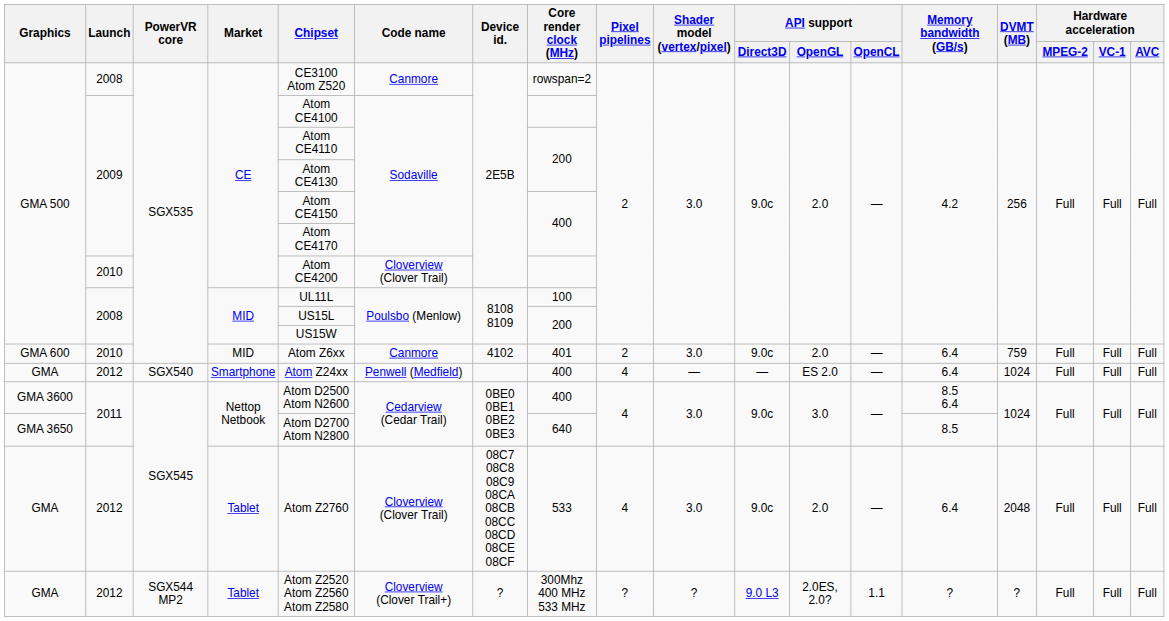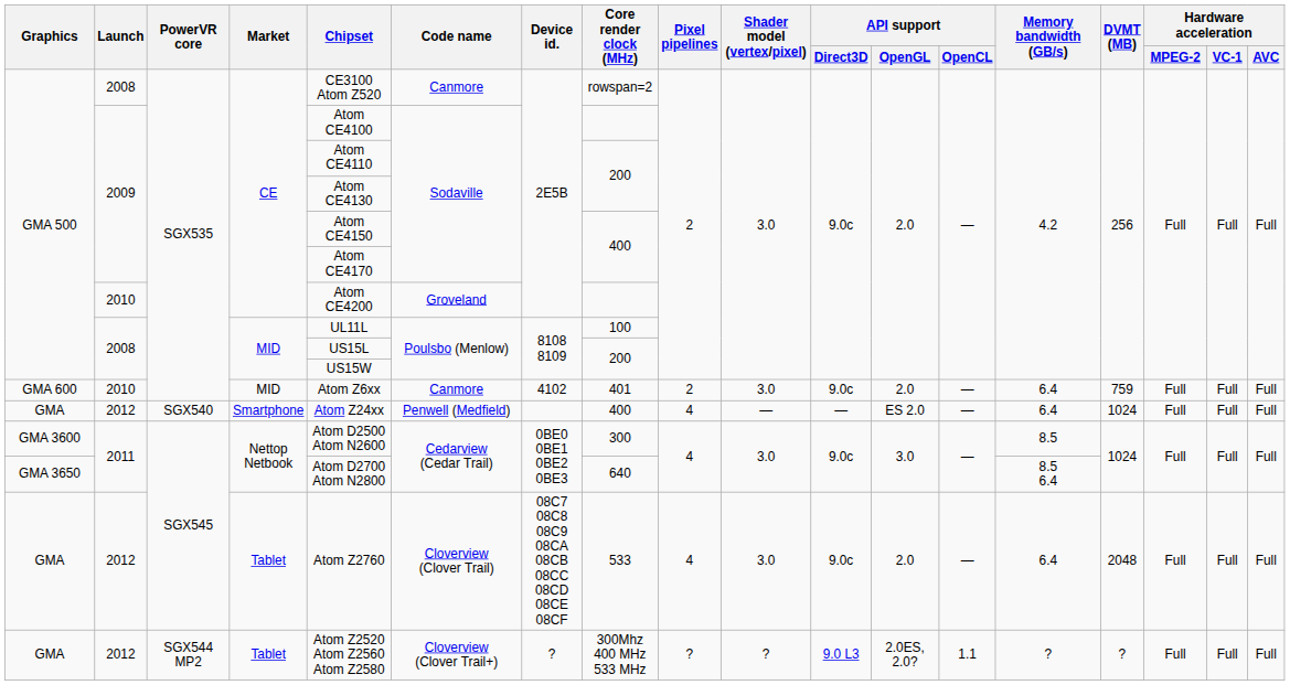 <table class="wikitable sortable mw-datatable sticky-header-multi sort-under" style="text-align:center;">
 <tr>
 <th rowspan=2 style="width:7%">Graphics</th>
 <th rowspan=2>Launch</th>
 <th rowspan=2>PowerVR core</th>
 <th rowspan=2>Market</th>
 <th rowspan=2><a href='#'>Chipset</a></th>
 <th rowspan=2>Code name</th>
 <th rowspan=2>Device id.</th>
 <th rowspan=2>Core render<br><a href='#'>clock</a> (<a href='#'>MHz</a>)</th>
 <th rowspan=2><a href='#'>Pixel <br>pipelines</a></th>
 <th rowspan=2><a href='#'>Shader</a> model<br>(<a href='#'>vertex</a>/<a href='#'>pixel</a>)</th>
 <th colspan=3><a href='#'>API</a> support</th>
 <th rowspan=2><a href='#'>Memory bandwidth</a> <br>(<a href='#'>GB/s</a>)</th>
 <th rowspan=2><a href='#'>DVMT</a> <br>(<a href='#'>MB</a>)</th>
 <th colspan=3 style="width:11%">Hardware acceleration</th>
 </tr>
 <tr>
 <th><a href='#'>Direct3D</a></th>
 <th><a href='#'>OpenGL</a></th>
 <th><a href='#'>OpenCL</a></th>
 <th><a href='#'>MPEG-2</a></th>
 <th><a href='#'>VC-1</a></th>
 <th><a href='#'>AVC</a></th>
 </tr>
 <tr>
 <td rowspan=10>GMA 500</td>
 <td>2008</td>
 <td rowspan=11>SGX535</td>
 <td rowspan=7><a href='#'>CE</a></td>
 <td>CE3100<br>Atom Z520</td>
 <td><a href='#'>Canmore</a></td>
 <td rowspan=7>2E5B</td>
 <td>rowspan=2 </td>
 <td rowspan=10>2</td>
 <td rowspan=10>3.0</td>
 <td rowspan=10>9.0c</td>
 <td rowspan=10>2.0</td>
 <td rowspan=10>—</td>
 <td rowspan=10>4.2</td>
 <td rowspan=10>256</td>
 <td rowspan=10>Full</td>
 <td rowspan=10>Full</td>
 <td rowspan=10>Full</td>
 </tr>
 <tr>
 <td rowspan=5>2009</td>
 <td>Atom CE4100</td>
 <td rowspan=5><a href='#'>Sodaville</a></td>
 </tr>
 <tr>
 <td>Atom CE4110</td>
 <td rowspan=2>200</td>
 </tr>
 <tr>
 <td>Atom CE4130</td>
 </tr>
 <tr>
 <td>Atom CE4150</td>
 <td rowspan=2>400</td>
 </tr>
 <tr>
 <td>Atom CE4170</td>
 </tr>
 <tr>
 <td>2010</td>
 <td>Atom CE4200</td>
-<td><a href='#'>Cloverview</a> (Clover Trail)</td>
+<td><a href='#'>Groveland</a></td>
 <td></td>
 </tr>
 <tr>
 <td rowspan=3>2008</td>
 <td rowspan=3><a href='#'>MID</a></td>
 <td>UL11L</td>
 <td rowspan=3><a href='#'>Poulsbo</a> (Menlow)</td>
 <td rowspan=3>8108<br>8109</td>
 <td>100</td>
 </tr>
 <tr>
 <td>US15L</td>
 <td rowspan=2>200</td>
 </tr>
 <tr>
 <td>US15W</td>
 </tr>
 <tr>
 <td>GMA 600</td>
 <td>2010</td>
 <td>MID</td>
 <td>Atom Z6xx</td>
 <td><a href='#'>Canmore</a></td>
 <td>4102</td>
 <td>401</td>
 <td>2</td>
 <td>3.0</td>
 <td>9.0c</td>
 <td>2.0</td>
 <td>—</td>
 <td>6.4</td>
 <td>759</td>
 <td>Full</td>
 <td>Full</td>
 <td>Full</td>
 </tr>
 <tr>
 <td>GMA</td>
 <td>2012</td>
 <td>SGX540</td>
 <td><a href='#'>Smartphone</a></td>
 <td><a href='#'>Atom</a> Z24xx</td>
 <td><a href='#'>Penwell</a> (<a href='#'>Medfield</a>)</td>
 <td></td>
 <td>400</td>
 <td>4</td>
 <td>—</td>
 <td>—</td>
 <td>ES 2.0</td>
 <td>—</td>
 <td>6.4</td>
 <td>1024</td>
 <td>Full</td>
 <td>Full</td>
 <td>Full</td>
 </tr>
 <tr>
 <td>GMA 3600</td>
 <td rowspan=2>2011</td>
 <td rowspan=3>SGX545</td>
 <td rowspan=2>Nettop<br>Netbook</td>
 <td>Atom D2500<br>Atom N2600</td>
 <td rowspan=2><a href='#'>Cedarview</a> (Cedar Trail)</td>
 <td rowspan=2>0BE0<br>0BE1<br>0BE2<br>0BE3<br></td>
-<td>400</td>
+<td>300</td>
 <td rowspan=2>4</td>
 <td rowspan=2>3.0</td>
 <td rowspan=2>9.0c</td>
 <td rowspan=2>3.0</td>
 <td rowspan=2>—</td>
-<td>8.5<br>6.4</td>
+<td>8.5</td>
 <td rowspan=2>1024</td>
 <td rowspan=2>Full</td>
 <td rowspan=2>Full</td>
 <td rowspan=2>Full</td>
 </tr>
 <tr>
 <td>GMA 3650</td>
 <td>Atom D2700<br>Atom N2800</td>
 <td>640</td>
-<td>8.5</td>
+<td>8.5<br>6.4</td>
 </tr>
 <tr>
 <td>GMA</td>
 <td>2012</td>
 <td><a href='#'>Tablet</a></td>
 <td>Atom Z2760</td>
 <td><a href='#'>Cloverview</a> (Clover Trail)</td>
 <td>08C7<br>08C8<br>08C9<br>08CA<br>08CB<br>08CC<br>08CD<br>08CE<br>08CF<br></td>
 <td>533</td>
 <td>4</td>
 <td>3.0</td>
 <td>9.0c</td>
 <td>2.0</td>
 <td>—</td>
 <td>6.4</td>
 <td>2048</td>
 <td>Full</td>
 <td>Full</td>
 <td>Full</td>
 </tr>
 <tr>
 <td>GMA</td>
 <td>2012</td>
 <td>SGX544 MP2</td>
 <td><a href='#'>Tablet</a></td>
 <td>Atom Z2520<br>Atom Z2560<br>Atom Z2580</td>
 <td><a href='#'>Cloverview</a> (Clover Trail+)</td>
 <td>?</td>
 <td>300Mhz<br>400 MHz<br>533 MHz</td>
 <td>?</td>
 <td>?</td>
 <td><a href='#'>9.0 L3</a></td>
 <td>2.0ES, 2.0?</td>
 <td>1.1</td>
 <td>?</td>
 <td>?</td>
 <td>Full</td>
 <td>Full</td>
 <td>Full</td>
 </tr>
 </table>
